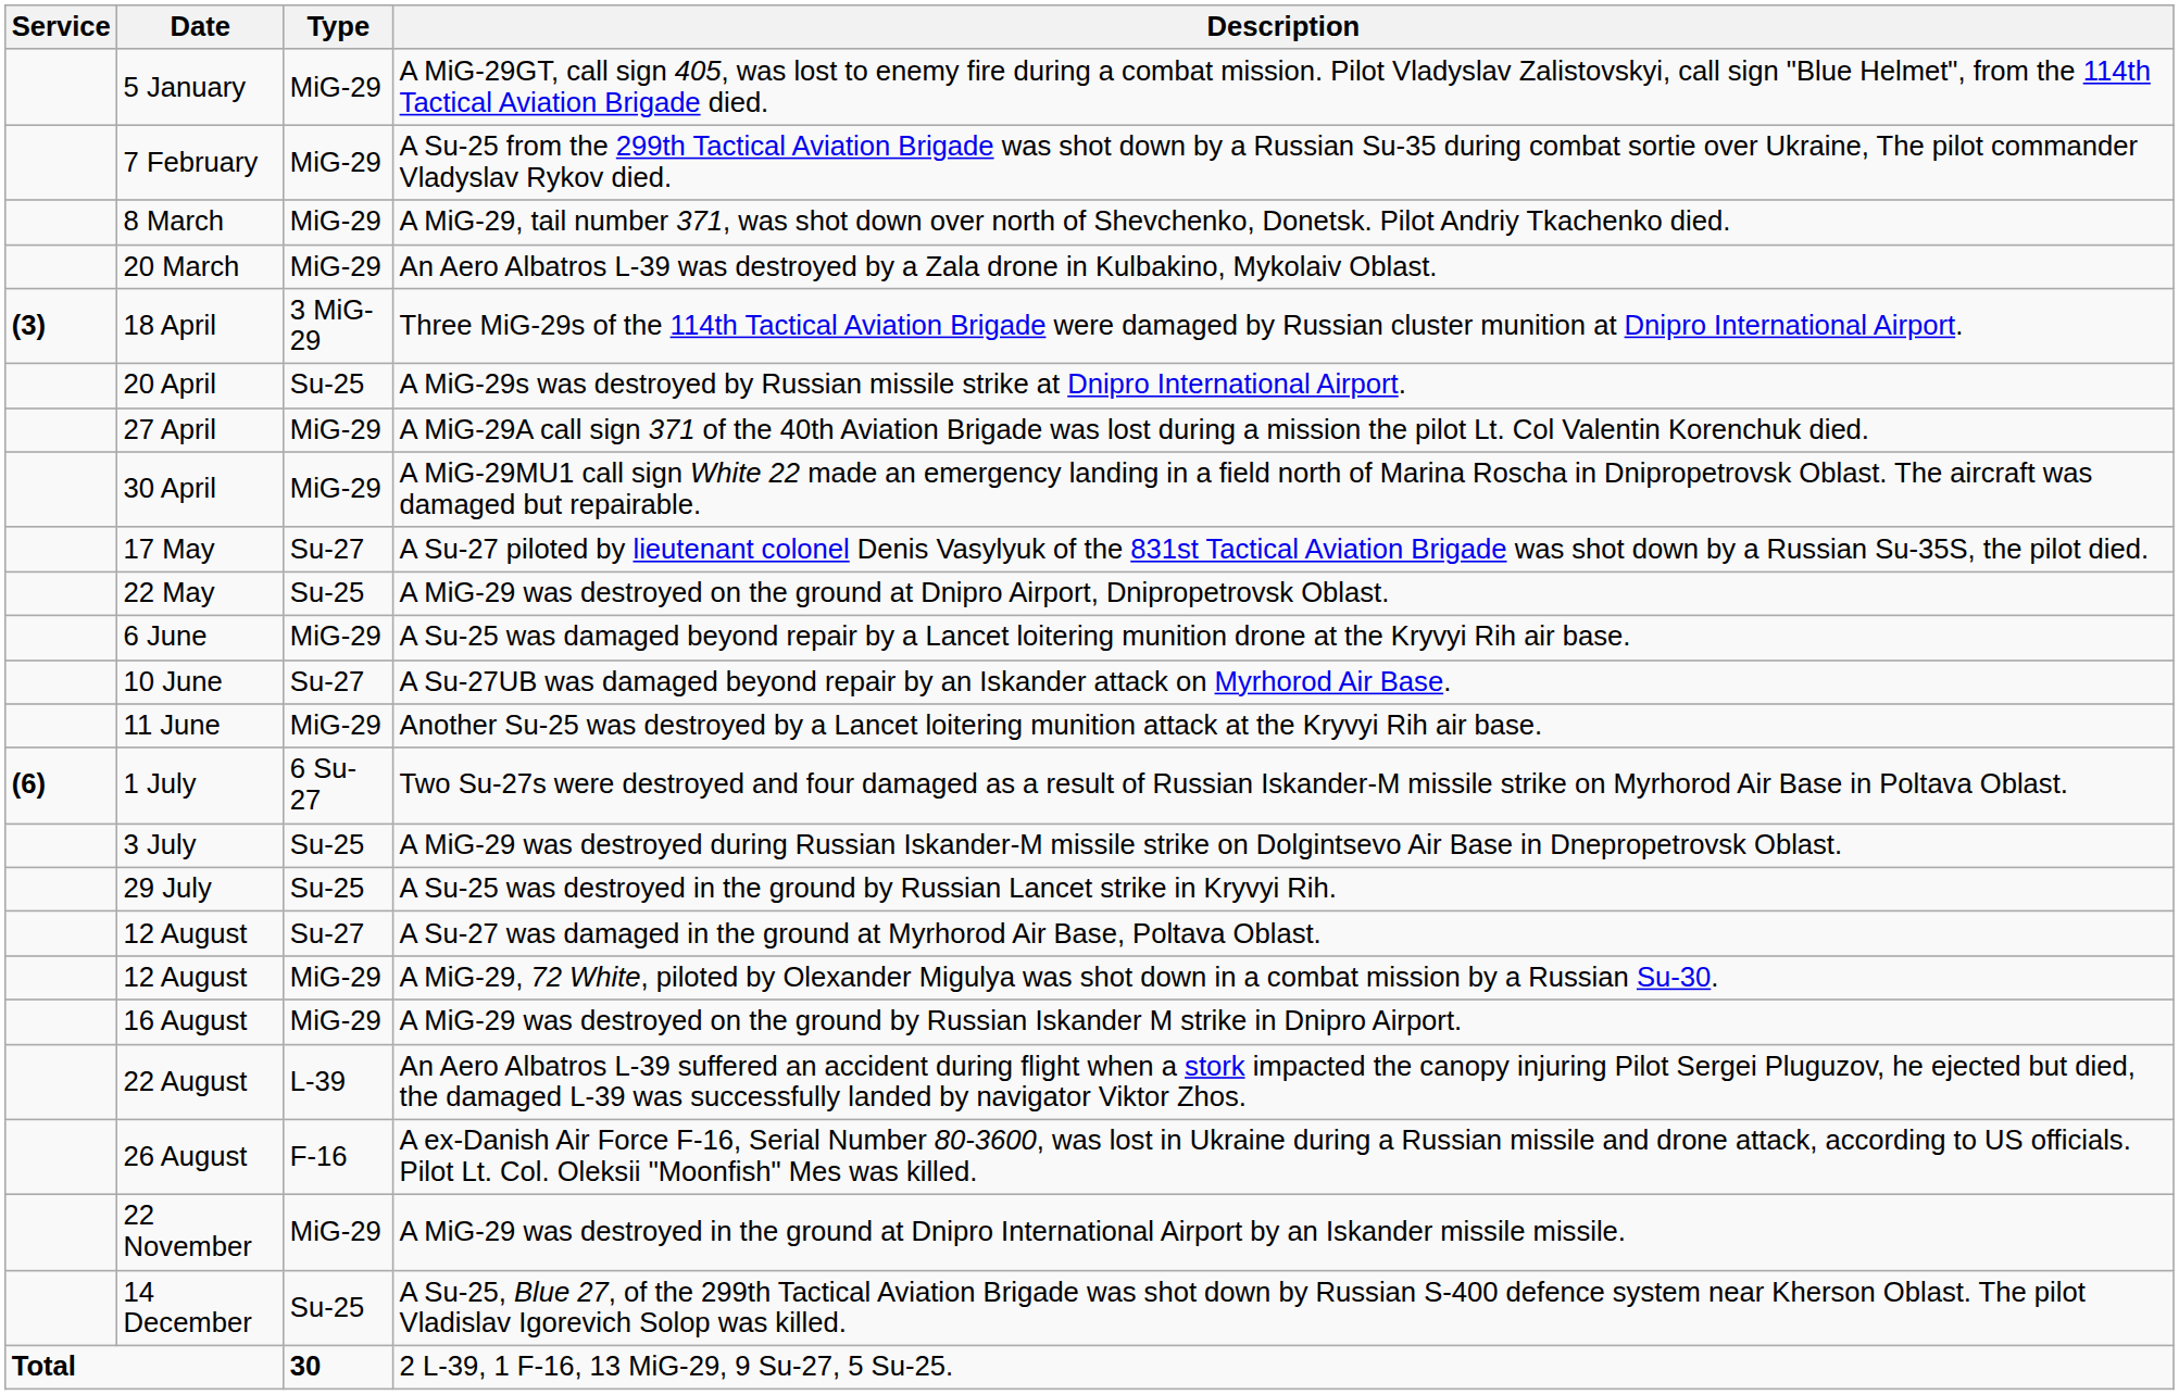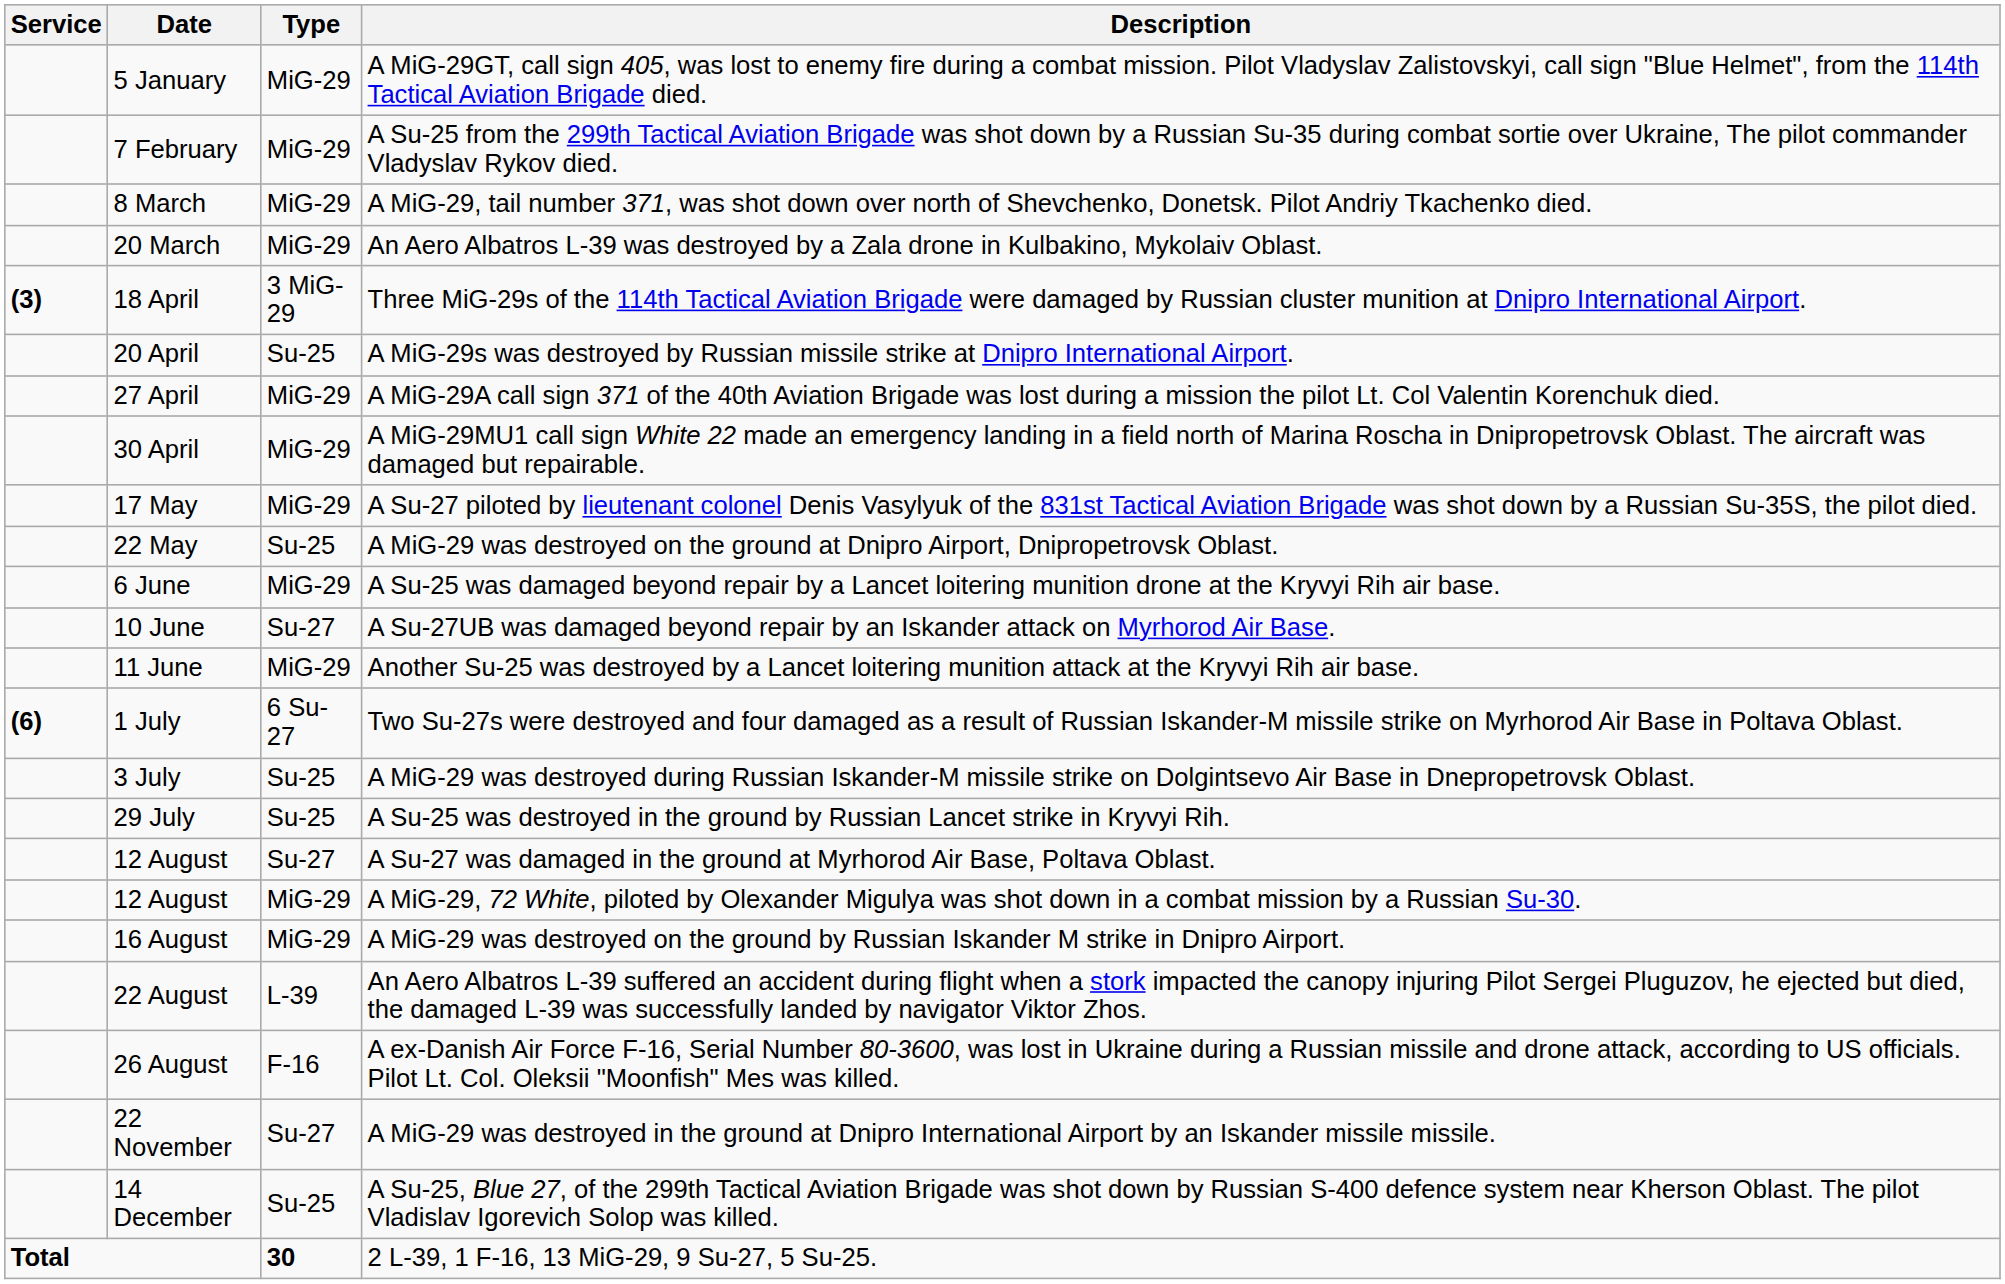 <table class="wikitable">
 <tr>
 <th>Service</th>
 <th>Date</th>
 <th>Type</th>
 <th>Description</th>
 </tr>
 <tr>
 <td></td>
 <td>5 January</td>
 <td>MiG-29</td>
 <td>A MiG-29GT, call sign <em>405</em>, was lost to enemy fire during a combat mission. Pilot Vladyslav Zalistovskyi, call sign "Blue Helmet", from the <a href='#'>114th Tactical Aviation Brigade</a> died.</td>
 </tr>
 <tr>
 <td></td>
 <td>7 February</td>
 <td>MiG-29</td>
 <td>A Su-25 from the <a href='#'>299th Tactical Aviation Brigade</a> was shot down by a Russian Su-35 during combat sortie over Ukraine, The pilot commander Vladyslav Rykov died.</td>
 </tr>
 <tr>
 <td></td>
 <td>8 March</td>
 <td>MiG-29</td>
 <td>A MiG-29, tail number <em>371</em>, was shot down over north of Shevchenko, Donetsk. Pilot Andriy Tkachenko died.</td>
 </tr>
 <tr>
 <td></td>
 <td>20 March</td>
 <td>MiG-29</td>
 <td>An Aero Albatros L-39 was destroyed by a Zala drone in Kulbakino, Mykolaiv Oblast.</td>
 </tr>
 <tr>
 <td> <strong>(3)</strong></td>
 <td>18 April</td>
 <td>3 MiG-29</td>
 <td>Three MiG-29s of the <a href='#'>114th Tactical Aviation Brigade</a> were damaged by Russian cluster munition at <a href='#'>Dnipro International Airport</a>.</td>
 </tr>
 <tr>
 <td></td>
 <td>20 April</td>
 <td>Su-25</td>
 <td>A MiG-29s was destroyed by Russian missile strike at <a href='#'>Dnipro International Airport</a>.</td>
 </tr>
 <tr>
 <td></td>
 <td>27 April</td>
 <td>MiG-29</td>
 <td>A MiG-29A call sign <em>371</em> of the 40th Aviation Brigade was lost during a mission the pilot Lt. Col Valentin Korenchuk died.</td>
 </tr>
 <tr>
 <td></td>
 <td>30 April</td>
 <td>MiG-29</td>
 <td>A MiG-29MU1 call sign <em>White 22</em> made an emergency landing in a field north of Marina Roscha in Dnipropetrovsk Oblast. The aircraft was damaged but repairable.</td>
 </tr>
 <tr>
 <td></td>
 <td>17 May</td>
-<td>Su-27</td>
+<td>MiG-29</td>
 <td>A Su-27 piloted by <a href='#'>lieutenant colonel</a> Denis Vasylyuk of the <a href='#'>831st Tactical Aviation Brigade</a> was shot down by a Russian Su-35S, the pilot died.</td>
 </tr>
 <tr>
 <td></td>
 <td>22 May</td>
 <td>Su-25</td>
 <td>A MiG-29 was destroyed on the ground at Dnipro Airport, Dnipropetrovsk Oblast.</td>
 </tr>
 <tr>
 <td></td>
 <td>6 June</td>
 <td>MiG-29</td>
 <td>A Su-25 was damaged beyond repair by a Lancet loitering munition drone at the Kryvyi Rih air base.</td>
 </tr>
 <tr>
 <td></td>
 <td>10 June</td>
 <td>Su-27</td>
 <td>A Su-27UB was damaged beyond repair by an Iskander attack on <a href='#'>Myrhorod Air Base</a>.</td>
 </tr>
 <tr>
 <td></td>
 <td>11 June</td>
 <td>MiG-29</td>
 <td>Another Su-25 was destroyed by a Lancet loitering munition attack at the Kryvyi Rih air base.</td>
 </tr>
 <tr>
 <td> <strong>(6)</strong></td>
 <td>1 July</td>
 <td>6 Su-27</td>
 <td>Two Su-27s were destroyed and four damaged as a result of Russian Iskander-M missile strike on Myrhorod Air Base in Poltava Oblast.</td>
 </tr>
 <tr>
 <td></td>
 <td>3 July</td>
 <td>Su-25</td>
 <td>A MiG-29 was destroyed during Russian Iskander-M missile strike on Dolgintsevo Air Base in Dnepropetrovsk Oblast.</td>
 </tr>
 <tr>
 <td></td>
 <td>29 July</td>
 <td>Su-25</td>
 <td>A Su-25 was destroyed in the ground by Russian Lancet strike in Kryvyi Rih.</td>
 </tr>
 <tr>
 <td></td>
 <td>12 August</td>
 <td>Su-27</td>
 <td>A Su-27 was damaged in the ground at Myrhorod Air Base, Poltava Oblast.</td>
 </tr>
 <tr>
 <td></td>
 <td>12 August</td>
 <td>MiG-29</td>
 <td>A MiG-29, <em>72 White</em>, piloted by Olexander Migulya was shot down in a combat mission by a Russian <a href='#'>Su-30</a>.</td>
 </tr>
 <tr>
 <td></td>
 <td>16 August</td>
 <td>MiG-29</td>
 <td>A MiG-29 was destroyed on the ground by Russian Iskander M strike in Dnipro Airport.</td>
 </tr>
 <tr>
 <td></td>
 <td>22 August</td>
 <td>L-39</td>
 <td>An Aero Albatros L-39 suffered an accident during flight when a <a href='#'>stork</a> impacted the canopy injuring Pilot Sergei Pluguzov, he ejected but died, the damaged L-39 was successfully landed by navigator Viktor Zhos.</td>
 </tr>
 <tr>
 <td></td>
 <td>26 August</td>
 <td>F-16</td>
 <td>A ex-Danish Air Force F-16, Serial Number <em>80-3600</em>, was lost in Ukraine during a Russian missile and drone attack, according to US officials. Pilot Lt. Col. Oleksii "Moonfish" Mes was killed.</td>
 </tr>
 <tr>
 <td></td>
 <td>22 November</td>
-<td>MiG-29</td>
+<td>Su-27</td>
 <td>A MiG-29 was destroyed in the ground at Dnipro International Airport by an Iskander missile missile.</td>
 </tr>
 <tr>
 <td></td>
 <td>14 December</td>
 <td>Su-25</td>
 <td>A Su-25, <em>Blue 27</em>, of the 299th Tactical Aviation Brigade was shot down by Russian S-400 defence system near Kherson Oblast. The pilot Vladislav Igorevich Solop was killed.</td>
 </tr>
 <tr>
 <td colspan="2"><strong>Total</strong></td>
 <td><strong>30</strong></td>
 <td>2 L-39, 1 F-16, 13 MiG-29, 9 Su-27, 5 Su-25.</td>
 </tr>
 </table>
